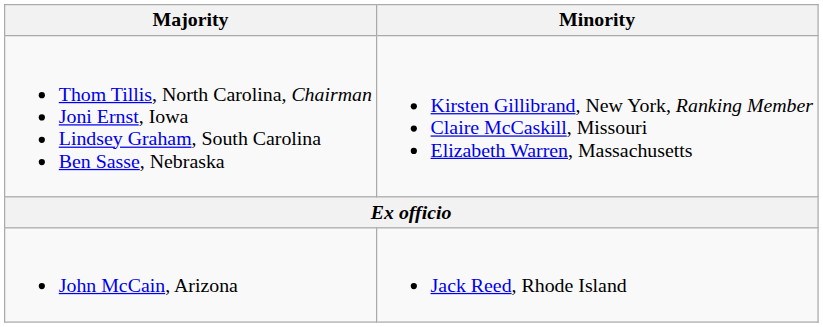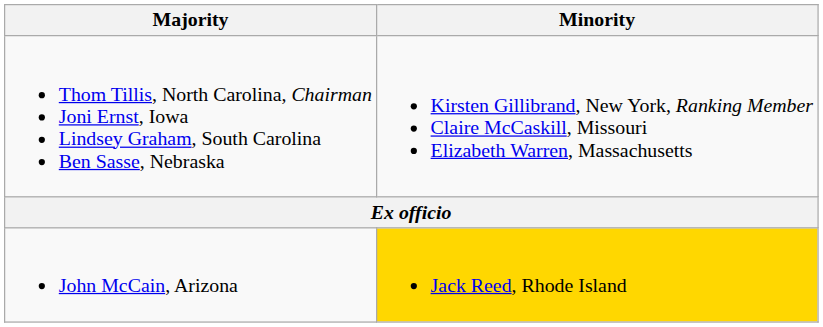 <table class=wikitable>
 <tr>
 <th>Majority</th>
 <th>Minority</th>
 </tr>
 <tr>
 <td><br><ul><li><a href='#'>Thom Tillis</a>, North Carolina, <em>Chairman</em></li><li><a href='#'>Joni Ernst</a>, Iowa</li><li><a href='#'>Lindsey Graham</a>, South Carolina</li><li><a href='#'>Ben Sasse</a>, Nebraska</li></ul></td>
 <td><br><ul><li><a href='#'>Kirsten Gillibrand</a>, New York, <em>Ranking Member</em></li><li><a href='#'>Claire McCaskill</a>, Missouri</li><li><a href='#'>Elizabeth Warren</a>, Massachusetts</li></ul></td>
 </tr>
 <tr>
 <th colspan=2><em>Ex officio</em></th>
 </tr>
 <tr>
 <td><br><ul><li><a href='#'>John McCain</a>, Arizona</li></ul></td>
-<td><br><ul><li><a href='#'>Jack Reed</a>, Rhode Island</li></ul></td>
+<td style="background: gold;"><br><ul><li><a href='#'>Jack Reed</a>, Rhode Island</li></ul></td>
 </tr>
 </table>
